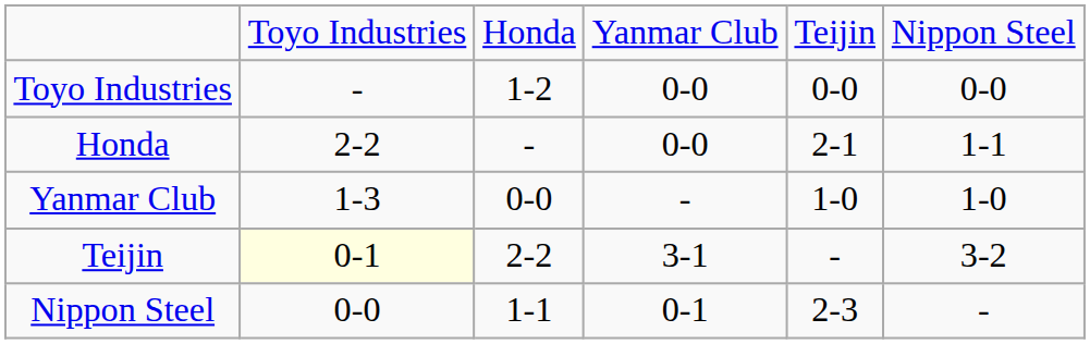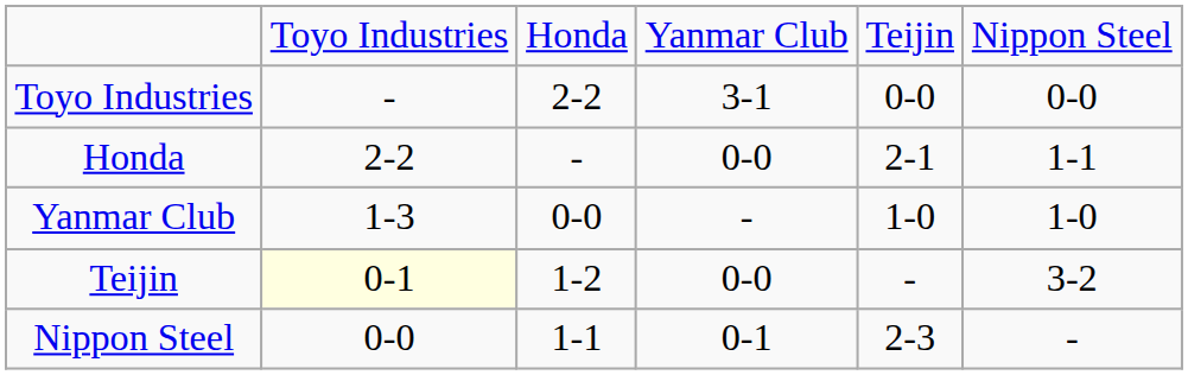 <table class="wikitable">
 <tr align=center>
 <td></td>
 <td><a href='#'>Toyo Industries</a></td>
 <td><a href='#'>Honda</a></td>
 <td><a href='#'>Yanmar Club</a></td>
 <td><a href='#'>Teijin</a></td>
 <td><a href='#'>Nippon Steel</a></td>
 </tr>
 <tr align=center>
 <td><a href='#'>Toyo Industries</a></td>
 <td>-</td>
-<td>1-2</td>
-<td>0-0</td>
+<td>2-2</td>
+<td>3-1</td>
 <td>0-0</td>
 <td>0-0</td>
 </tr>
 <tr align=center>
 <td><a href='#'>Honda</a></td>
 <td>2-2</td>
 <td>-</td>
 <td>0-0</td>
 <td>2-1</td>
 <td>1-1</td>
 </tr>
 <tr align=center>
 <td><a href='#'>Yanmar Club</a></td>
 <td>1-3</td>
 <td>0-0</td>
 <td>-</td>
 <td>1-0</td>
 <td>1-0</td>
 </tr>
 <tr align=center>
 <td><a href='#'>Teijin</a></td>
 <td style="background: lightyellow;">0-1</td>
-<td>2-2</td>
-<td>3-1</td>
+<td>1-2</td>
+<td>0-0</td>
 <td>-</td>
 <td>3-2</td>
 </tr>
 <tr align=center>
 <td><a href='#'>Nippon Steel</a></td>
 <td>0-0</td>
 <td>1-1</td>
 <td>0-1</td>
 <td>2-3</td>
 <td>-</td>
 </tr>
 </table>
